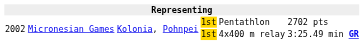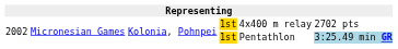 <table>
 <tr>
 <th bgcolor="#eeeeee" colspan="6">Representing </th>
 </tr>
 <tr>
 <td rowspan=2>2002</td>
 <td rowspan=2><a href='#'>Micronesian Games</a></td>
 <td rowspan=2><a href='#'>Kolonia</a>, <a href='#'>Pohnpei</a></td>
 <td bgcolor=gold>1st</td>
-<td>Pentathlon</td>
+<td>4x400 m relay</td>
 <td>2702 pts</td>
 </tr>
 <tr>
 <td bgcolor=gold>1st</td>
-<td>4x400 m relay</td>
-<td>3:25.49 min <strong><a href='#'>GR</a></strong></td>
+<td>Pentathlon</td>
+<td style="background: lightblue;">3:25.49 min <strong><a href='#'>GR</a></strong></td>
 </tr>
 </table>
